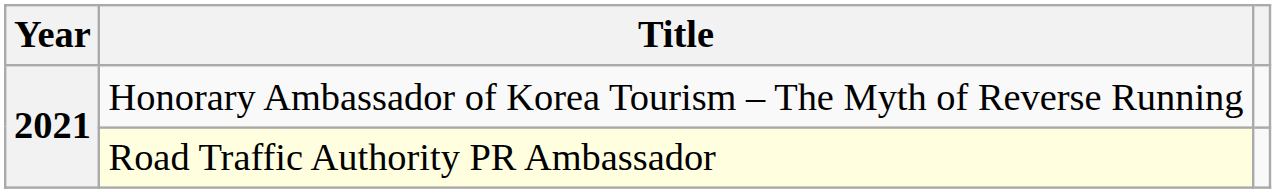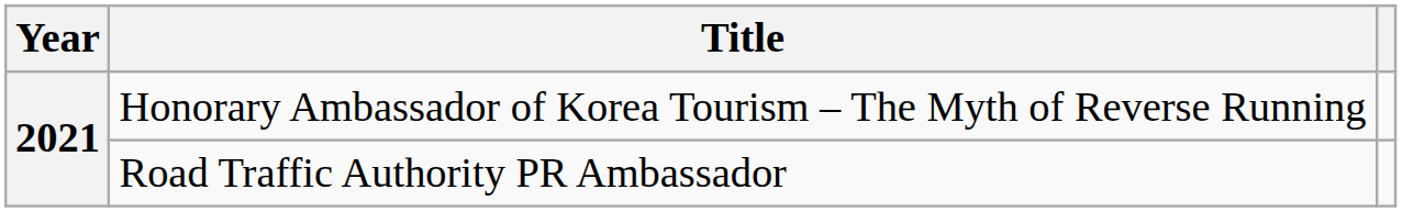 <table class="wikitable plainrowheaders sortable">
 <tr>
 <th scope="col">Year</th>
 <th scope="col">Title</th>
 <th scope="col" class="unsortable"></th>
 </tr>
 <tr>
 <th scope="row" rowspan="2">2021</th>
 <td>Honorary Ambassador of Korea Tourism – The Myth of Reverse Running</td>
 <td style="text-align:center"></td>
 </tr>
 <tr>
-<td style="background: lightyellow;">Road Traffic Authority PR Ambassador</td>
+<td>Road Traffic Authority PR Ambassador</td>
 <td style="text-align:center"></td>
 </tr>
 </table>
